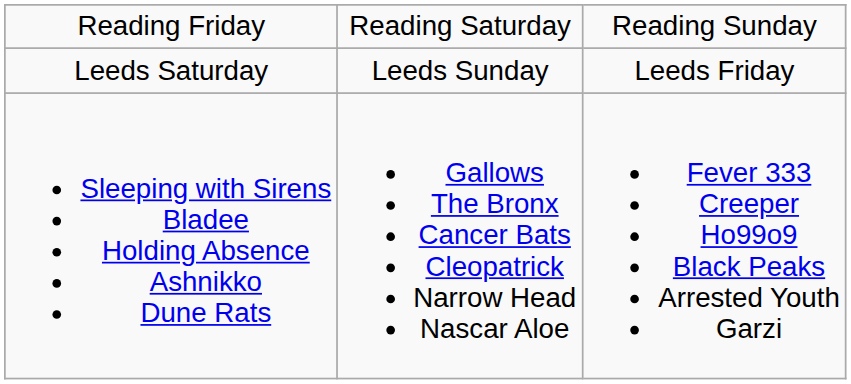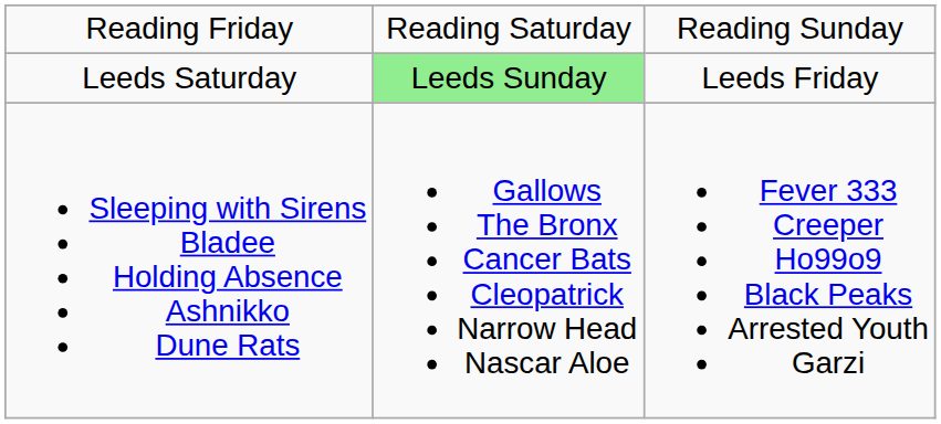 <table class="wikitable" style="text-align:center;">
 <tr>
 <td>Reading Friday</td>
 <td>Reading Saturday</td>
 <td>Reading Sunday</td>
 </tr>
 <tr>
 <td>Leeds Saturday</td>
-<td>Leeds Sunday</td>
+<td style="background: lightgreen;">Leeds Sunday</td>
 <td>Leeds Friday</td>
 </tr>
 <tr>
 <td><br><ul><li><a href='#'>Sleeping with Sirens</a></li><li><a href='#'>Bladee</a></li><li><a href='#'>Holding Absence</a></li><li><a href='#'>Ashnikko</a></li><li><a href='#'>Dune Rats</a></li></ul></td>
 <td><br><ul><li><a href='#'>Gallows</a></li><li><a href='#'>The Bronx</a></li><li><a href='#'>Cancer Bats</a></li><li><a href='#'>Cleopatrick</a></li><li>Narrow Head</li><li>Nascar Aloe</li></ul></td>
 <td><br><ul><li><a href='#'>Fever 333</a></li><li><a href='#'>Creeper</a></li><li><a href='#'>Ho99o9</a></li><li><a href='#'>Black Peaks</a></li><li>Arrested Youth</li><li>Garzi</li></ul></td>
 </tr>
 </table>
